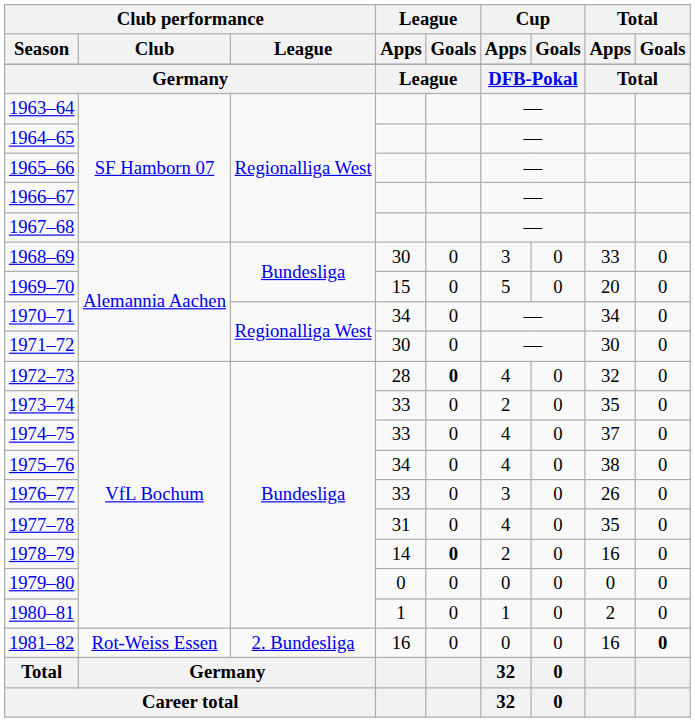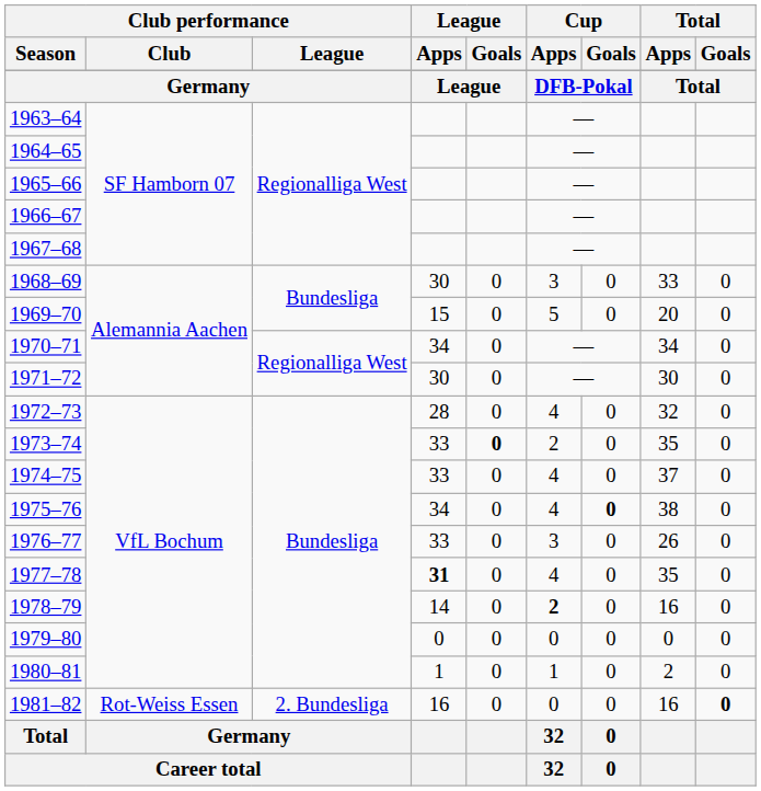 <table class="wikitable" style="text-align:center">
 <tr>
 <th colspan=3>Club performance</th>
 <th colspan=2>League</th>
 <th colspan=2>Cup</th>
 <th colspan=2>Total</th>
 </tr>
 <tr>
 <th>Season</th>
 <th>Club</th>
 <th>League</th>
 <th>Apps</th>
 <th>Goals</th>
 <th>Apps</th>
 <th>Goals</th>
 <th>Apps</th>
 <th>Goals</th>
 </tr>
 <tr>
 </tr>
 <tr>
 <th colspan=3>Germany</th>
 <th colspan=2>League</th>
 <th colspan=2><a href='#'>DFB-Pokal</a></th>
 <th colspan=2>Total</th>
 </tr>
 <tr>
 <td><a href='#'>1963–64</a></td>
 <td rowspan="5"><a href='#'>SF Hamborn 07</a></td>
 <td rowspan="5"><a href='#'>Regionalliga West</a></td>
 <td></td>
 <td></td>
 <td colspan="2">—</td>
 <td></td>
 <td></td>
 </tr>
 <tr>
 <td><a href='#'>1964–65</a></td>
 <td></td>
 <td></td>
 <td colspan="2">—</td>
 <td></td>
 <td></td>
 </tr>
 <tr>
 <td><a href='#'>1965–66</a></td>
 <td></td>
 <td></td>
 <td colspan="2">—</td>
 <td></td>
 <td></td>
 </tr>
 <tr>
 <td><a href='#'>1966–67</a></td>
 <td></td>
 <td></td>
 <td colspan="2">—</td>
 <td></td>
 <td></td>
 </tr>
 <tr>
 <td><a href='#'>1967–68</a></td>
 <td></td>
 <td></td>
 <td colspan="2">—</td>
 <td></td>
 <td></td>
 </tr>
 <tr>
 <td><a href='#'>1968–69</a></td>
 <td rowspan="4"><a href='#'>Alemannia Aachen</a></td>
 <td rowspan="2"><a href='#'>Bundesliga</a></td>
 <td>30</td>
 <td>0</td>
 <td>3</td>
 <td>0</td>
 <td>33</td>
 <td>0</td>
 </tr>
 <tr>
 <td><a href='#'>1969–70</a></td>
 <td>15</td>
 <td>0</td>
 <td>5</td>
 <td>0</td>
 <td>20</td>
 <td>0</td>
 </tr>
 <tr>
 <td><a href='#'>1970–71</a></td>
 <td rowspan="2"><a href='#'>Regionalliga West</a></td>
 <td>34</td>
 <td>0</td>
 <td colspan="2">—</td>
 <td>34</td>
 <td>0</td>
 </tr>
 <tr>
 <td><a href='#'>1971–72</a></td>
 <td>30</td>
 <td>0</td>
 <td colspan="2">—</td>
 <td>30</td>
 <td>0</td>
 </tr>
 <tr>
 <td><a href='#'>1972–73</a></td>
 <td rowspan="9"><a href='#'>VfL Bochum</a></td>
 <td rowspan="9"><a href='#'>Bundesliga</a></td>
 <td>28</td>
-<td><strong>0</strong></td>
+<td>0</td>
 <td>4</td>
 <td>0</td>
 <td>32</td>
 <td>0</td>
 </tr>
 <tr>
 <td><a href='#'>1973–74</a></td>
 <td>33</td>
-<td>0</td>
+<td><strong>0</strong></td>
 <td>2</td>
 <td>0</td>
 <td>35</td>
 <td>0</td>
 </tr>
 <tr>
 <td><a href='#'>1974–75</a></td>
 <td>33</td>
 <td>0</td>
 <td>4</td>
 <td>0</td>
 <td>37</td>
 <td>0</td>
 </tr>
 <tr>
 <td><a href='#'>1975–76</a></td>
 <td>34</td>
 <td>0</td>
 <td>4</td>
-<td>0</td>
+<td><strong>0</strong></td>
 <td>38</td>
 <td>0</td>
 </tr>
 <tr>
 <td><a href='#'>1976–77</a></td>
 <td>33</td>
 <td>0</td>
 <td>3</td>
 <td>0</td>
 <td>26</td>
 <td>0</td>
 </tr>
 <tr>
 <td><a href='#'>1977–78</a></td>
-<td>31</td>
+<td><strong>31</strong></td>
 <td>0</td>
 <td>4</td>
 <td>0</td>
 <td>35</td>
 <td>0</td>
 </tr>
 <tr>
 <td><a href='#'>1978–79</a></td>
 <td>14</td>
-<td><strong>0</strong></td>
-<td>2</td>
+<td>0</td>
+<td><strong>2</strong></td>
 <td>0</td>
 <td>16</td>
 <td>0</td>
 </tr>
 <tr>
 <td><a href='#'>1979–80</a></td>
 <td>0</td>
 <td>0</td>
 <td>0</td>
 <td>0</td>
 <td>0</td>
 <td>0</td>
 </tr>
 <tr>
 <td><a href='#'>1980–81</a></td>
 <td>1</td>
 <td>0</td>
 <td>1</td>
 <td>0</td>
 <td>2</td>
 <td>0</td>
 </tr>
 <tr>
 <td><a href='#'>1981–82</a></td>
 <td><a href='#'>Rot-Weiss Essen</a></td>
 <td><a href='#'>2. Bundesliga</a></td>
 <td>16</td>
 <td>0</td>
 <td>0</td>
 <td>0</td>
 <td>16</td>
 <td><strong>0</strong></td>
 </tr>
 <tr>
 <th rowspan=1>Total</th>
 <th colspan=2>Germany</th>
 <th></th>
 <th></th>
 <th>32</th>
 <th>0</th>
 <th></th>
 <th></th>
 </tr>
 <tr>
 <th colspan=3>Career total</th>
 <th></th>
 <th></th>
 <th>32</th>
 <th>0</th>
 <th></th>
 <th></th>
 </tr>
 </table>
